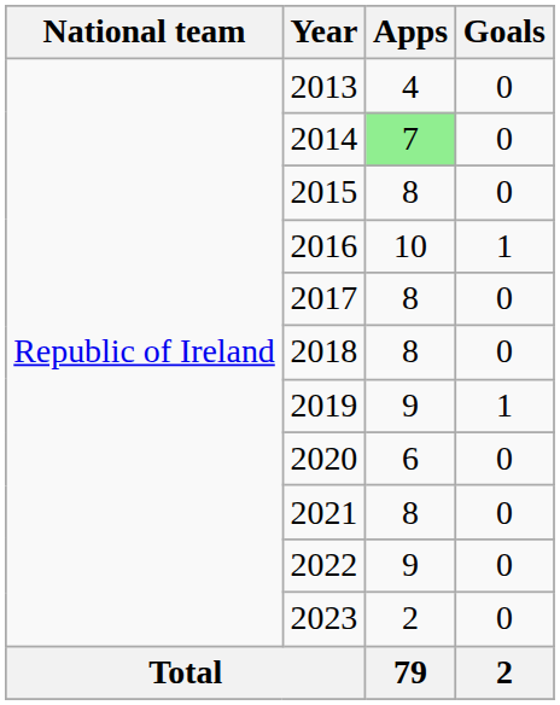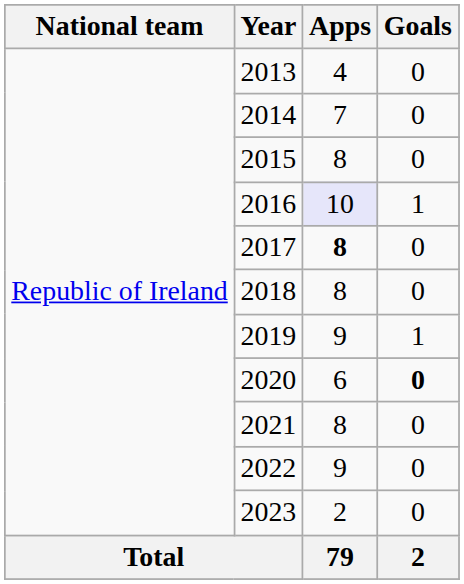 <table class="wikitable" style="text-align:center">
 <tr>
 <th>National team</th>
 <th>Year</th>
 <th>Apps</th>
 <th>Goals</th>
 </tr>
 <tr>
 <td rowspan="11"><a href='#'>Republic of Ireland</a></td>
 <td>2013</td>
 <td>4</td>
 <td>0</td>
 </tr>
 <tr>
 <td>2014</td>
-<td style="background: lightgreen;">7</td>
+<td>7</td>
 <td>0</td>
 </tr>
 <tr>
 <td>2015</td>
 <td>8</td>
 <td>0</td>
 </tr>
 <tr>
 <td>2016</td>
-<td>10</td>
+<td style="background: lavender;">10</td>
 <td>1</td>
 </tr>
 <tr>
 <td>2017</td>
-<td>8</td>
+<td><strong>8</strong></td>
 <td>0</td>
 </tr>
 <tr>
 <td>2018</td>
 <td>8</td>
 <td>0</td>
 </tr>
 <tr>
 <td>2019</td>
 <td>9</td>
 <td>1</td>
 </tr>
 <tr>
 <td>2020</td>
 <td>6</td>
-<td>0</td>
+<td><strong>0</strong></td>
 </tr>
 <tr>
 <td>2021</td>
 <td>8</td>
 <td>0</td>
 </tr>
 <tr>
 <td>2022</td>
 <td>9</td>
 <td>0</td>
 </tr>
 <tr>
 <td>2023</td>
 <td>2</td>
 <td>0</td>
 </tr>
 <tr>
 <th colspan="2">Total</th>
 <th>79</th>
 <th>2</th>
 </tr>
 </table>
